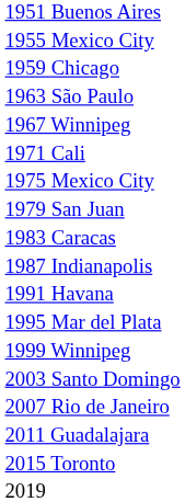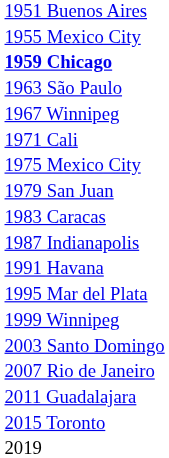 <table>
 <tr>
 <td><a href='#'>1951 Buenos Aires</a></td>
 <td></td>
 <td></td>
 <td></td>
 </tr>
 <tr>
 <td><a href='#'>1955 Mexico City</a></td>
 <td></td>
 <td></td>
 <td></td>
 </tr>
 <tr>
-<td><a href='#'>1959 Chicago</a></td>
+<td><strong><a href='#'>1959 Chicago</a></strong></td>
 <td></td>
 <td></td>
 <td></td>
 </tr>
 <tr>
 <td><a href='#'>1963 São Paulo</a></td>
 <td></td>
 <td></td>
 <td></td>
 </tr>
 <tr>
 <td><a href='#'>1967 Winnipeg</a></td>
 <td></td>
 <td></td>
 <td></td>
 </tr>
 <tr>
 <td><a href='#'>1971 Cali</a></td>
 <td></td>
 <td></td>
 <td></td>
 </tr>
 <tr>
 <td><a href='#'>1975 Mexico City</a></td>
 <td></td>
 <td></td>
 <td></td>
 </tr>
 <tr>
 <td><a href='#'>1979 San Juan</a></td>
 <td></td>
 <td></td>
 <td></td>
 </tr>
 <tr>
 <td><a href='#'>1983 Caracas</a></td>
 <td></td>
 <td></td>
 <td></td>
 </tr>
 <tr>
 <td><a href='#'>1987 Indianapolis</a></td>
 <td></td>
 <td></td>
 <td></td>
 </tr>
 <tr>
 <td><a href='#'>1991 Havana</a></td>
 <td></td>
 <td></td>
 <td></td>
 </tr>
 <tr>
 <td rowspan=2><a href='#'>1995 Mar del Plata</a></td>
 <td rowspan=2></td>
 <td rowspan=2></td>
 <td></td>
 </tr>
 <tr>
 <td></td>
 </tr>
 <tr>
 <td rowspan=2><a href='#'>1999 Winnipeg</a></td>
 <td rowspan=2></td>
 <td rowspan=2></td>
 <td></td>
 </tr>
 <tr>
 <td></td>
 </tr>
 <tr>
 <td rowspan=2><a href='#'>2003 Santo Domingo</a></td>
 <td rowspan=2></td>
 <td rowspan=2></td>
 <td></td>
 </tr>
 <tr>
 <td></td>
 </tr>
 <tr>
 <td rowspan=2><a href='#'>2007 Rio de Janeiro</a></td>
 <td rowspan=2></td>
 <td rowspan=2></td>
 <td></td>
 </tr>
 <tr>
 <td></td>
 </tr>
 <tr>
 <td rowspan=2><a href='#'>2011 Guadalajara</a><br></td>
 <td rowspan=2></td>
 <td rowspan=2></td>
 <td></td>
 </tr>
 <tr>
 <td></td>
 </tr>
 <tr>
 <td rowspan=2><a href='#'>2015 Toronto</a><br></td>
 <td rowspan=2></td>
 <td rowspan=2></td>
 <td></td>
 </tr>
 <tr>
 <td></td>
 </tr>
 <tr>
 <td rowspan=2>2019<br></td>
 <td rowspan=2></td>
 <td rowspan=2></td>
 <td></td>
 </tr>
 <tr>
 <td></td>
 </tr>
 <tr>
 </tr>
 </table>
